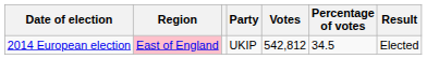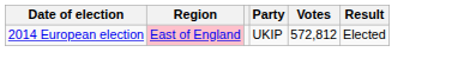 <table class="wikitable">
 <tr>
 <th>Date of election</th>
 <th>Region</th>
 <th></th>
 <th>Party</th>
 <th>Votes</th>
-<th>Percentage<br>of votes</th>
 <th>Result</th>
 </tr>
 <tr>
 <td><a href='#'>2014 European election</a></td>
 <td style="background: pink;"><a href='#'>East of England</a></td>
 <td style="background-color: "></td>
 <td>UKIP</td>
-<td>542,812</td>
-<td>34.5</td>
+<td>572,812</td>
 <td>Elected</td>
 </tr>
 </table>
